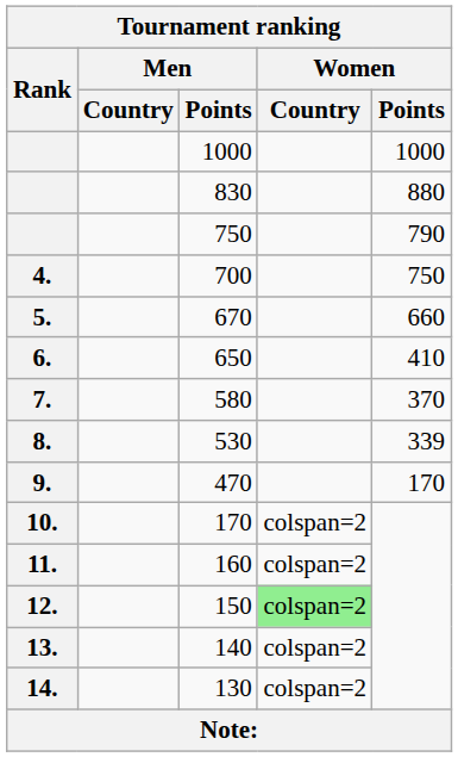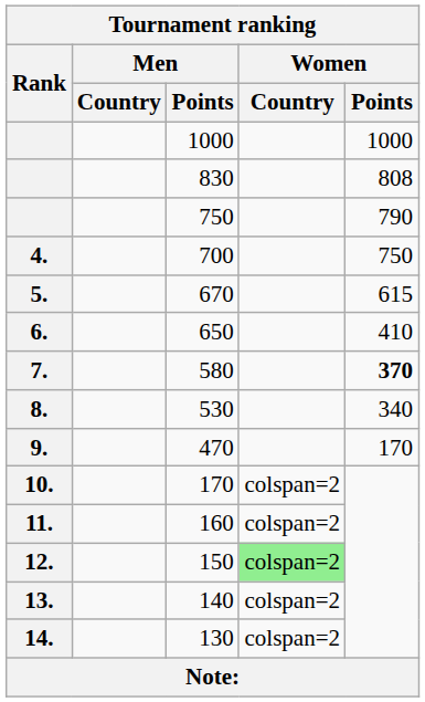 <table class="wikitable" style="float:right; font-size: 90%">
 <tr>
 <th colspan="5">Tournament ranking</th>
 </tr>
 <tr>
 <th rowspan=2>Rank</th>
 <th colspan="2">Men</th>
 <th colspan="2">Women</th>
 </tr>
 <tr>
 <th>Country</th>
 <th>Points</th>
 <th>Country</th>
 <th>Points</th>
 </tr>
 <tr>
 <th></th>
 <td align=left></td>
 <td align=right>1000</td>
 <td align=left></td>
 <td align=right>1000</td>
 </tr>
 <tr>
 <th></th>
 <td align=left><br></td>
 <td align=right>830</td>
 <td align=left></td>
-<td align=right>880</td>
+<td align=right>808</td>
 </tr>
 <tr>
 <th></th>
 <td align=left></td>
 <td align=right>750</td>
 <td align=left></td>
 <td align=right>790</td>
 </tr>
 <tr>
 <th>4.</th>
 <td align=left></td>
 <td align=right>700</td>
 <td align=left></td>
 <td align=right>750</td>
 </tr>
 <tr>
 <th>5.</th>
 <td align=left></td>
 <td align=right>670</td>
 <td align=left></td>
-<td align=right>660</td>
+<td align=right>615</td>
 </tr>
 <tr>
 <th>6.</th>
 <td align=left></td>
 <td align=right>650</td>
 <td align=left></td>
 <td align=right>410</td>
 </tr>
 <tr>
 <th>7.</th>
 <td align=left></td>
 <td align=right>580</td>
 <td align=left></td>
-<td align=right>370</td>
+<td align=right><strong>370</strong></td>
 </tr>
 <tr>
 <th>8.</th>
 <td align=left></td>
 <td align=right>530</td>
 <td align=left></td>
-<td align=right>339</td>
+<td align=right>340</td>
 </tr>
 <tr>
 <th>9.</th>
 <td align=left></td>
 <td align=right>470</td>
 <td align=left></td>
 <td align=right>170</td>
 </tr>
 <tr>
 <th>10.</th>
 <td align=left></td>
 <td align=right>170</td>
 <td>colspan=2 </td>
 </tr>
 <tr>
 <th>11.</th>
 <td align=left></td>
 <td align=right>160</td>
 <td>colspan=2 </td>
 </tr>
 <tr>
 <th>12.</th>
 <td align=left></td>
 <td align=right>150</td>
 <td style="background: lightgreen;">colspan=2 </td>
 </tr>
 <tr>
 <th>13.</th>
 <td align=left></td>
 <td align=right>140</td>
 <td>colspan=2 </td>
 </tr>
 <tr>
 <th>14.</th>
 <td align=left></td>
 <td align=right>130</td>
 <td>colspan=2 </td>
 </tr>
 <tr>
 <th colspan=5>Note: </th>
 </tr>
 </table>
